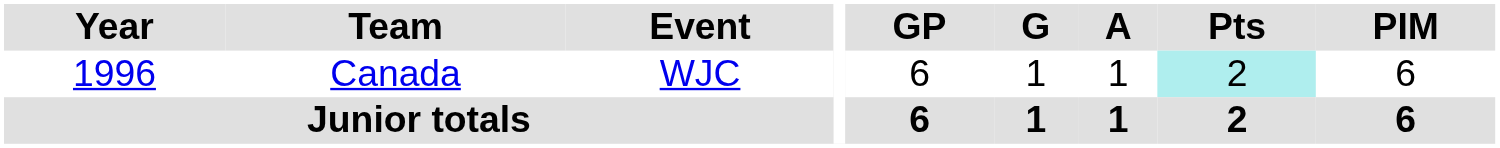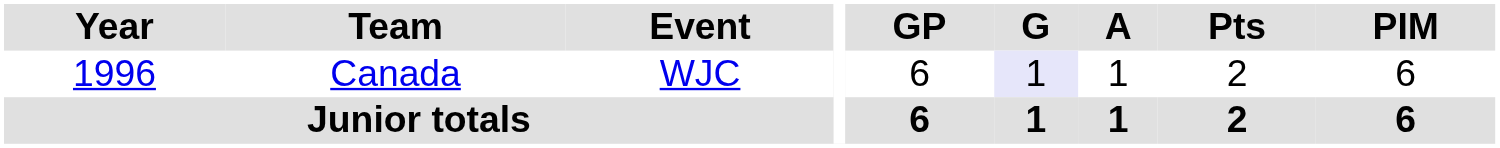 <table border="0" cellpadding="1" cellspacing="0" ID="Table3" style="text-align:center; width:40em">
 <tr bgcolor="#e0e0e0">
 <th>Year</th>
 <th>Team</th>
 <th>Event</th>
 <th rowspan="102" bgcolor="#ffffff"></th>
 <th>GP</th>
 <th>G</th>
 <th>A</th>
 <th>Pts</th>
 <th>PIM</th>
 </tr>
 <tr>
 <td><a href='#'>1996</a></td>
 <td><a href='#'>Canada</a></td>
 <td><a href='#'>WJC</a></td>
 <td>6</td>
+<td style="background: lavender;">1</td>
 <td>1</td>
-<td>1</td>
-<td style="background: paleturquoise;">2</td>
+<td>2</td>
 <td>6</td>
 </tr>
 <tr bgcolor="#e0e0e0">
 <th colspan=3>Junior totals</th>
 <th>6</th>
 <th>1</th>
 <th>1</th>
 <th>2</th>
 <th>6</th>
 </tr>
 </table>
